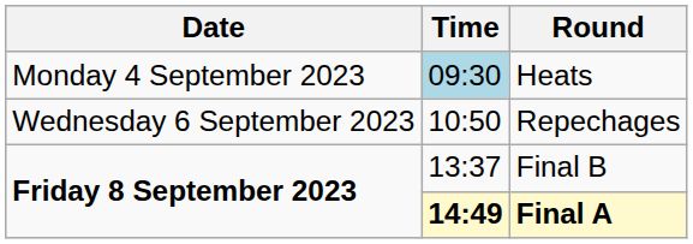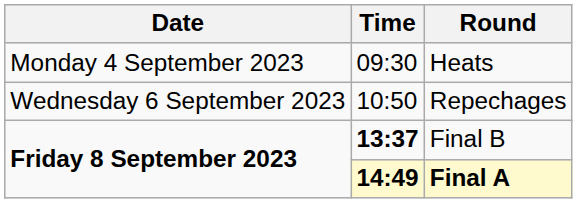 <table class="wikitable">
 <tr>
 <th>Date</th>
 <th>Time</th>
 <th>Round</th>
 </tr>
 <tr>
 <td>Monday 4 September 2023</td>
-<td style="background: lightblue;">09:30</td>
+<td>09:30</td>
 <td>Heats</td>
 </tr>
 <tr>
 <td>Wednesday 6 September 2023</td>
 <td>10:50</td>
 <td>Repechages</td>
 </tr>
 <tr>
 <td rowspan=2><strong>Friday 8 September 2023</strong></td>
-<td>13:37</td>
+<td><strong>13:37</strong></td>
 <td>Final B</td>
 </tr>
 <tr>
 <td style=background:lemonchiffon><strong>14:49</strong></td>
 <td style=background:lemonchiffon><strong>Final A</strong></td>
 </tr>
 </table>
